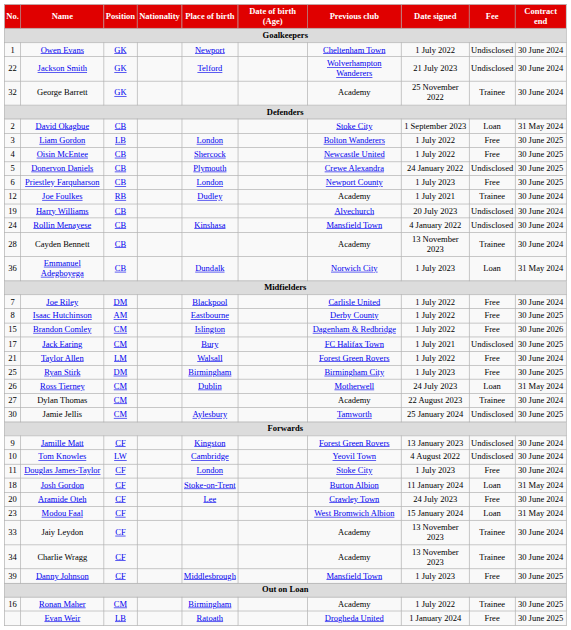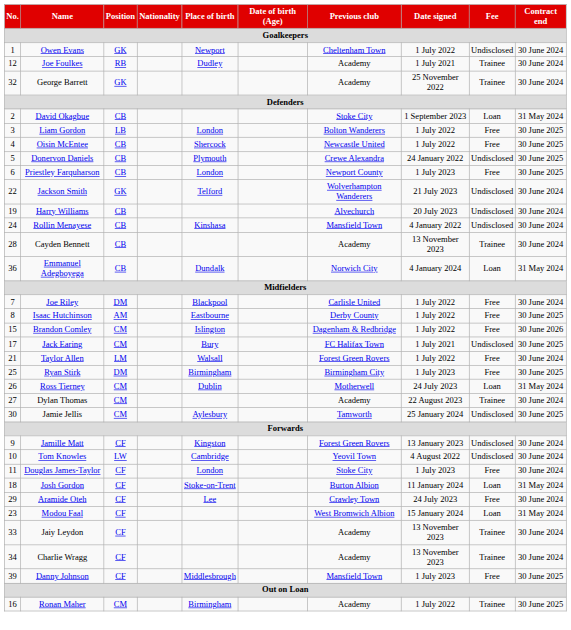 <table class="wikitable" style="text-align:center; font-size:84.5%; width:101%;">
 <tr>
 <th style="background:#E00000;color:white;">No.</th>
 <th style="background:#E00000;color:white;">Name</th>
 <th style="background:#E00000;color:white;">Position</th>
 <th style="background:#E00000;color:white;">Nationality</th>
 <th style="background:#E00000;color:white;">Place of birth</th>
 <th style="background:#E00000;color:white;">Date of birth (Age)</th>
 <th style="background:#E00000;color:white;">Previous club</th>
 <th style="background:#E00000;color:white;">Date signed</th>
 <th style="background:#E00000;color:white;">Fee</th>
 <th style="background:#E00000;color:white;">Contract end</th>
 </tr>
 <tr>
 <th colspan="10" style="background:#dcdcdc; tepxt-align:center;">Goalkeepers</th>
 </tr>
 <tr>
 <td>1</td>
 <td><a href='#'>Owen Evans</a></td>
 <td><a href='#'>GK</a></td>
 <td></td>
 <td><a href='#'>Newport</a></td>
 <td></td>
 <td><a href='#'>Cheltenham Town</a></td>
 <td>1 July 2022</td>
 <td>Undisclosed</td>
 <td>30 June 2024</td>
 </tr>
 <tr>
-<td>22</td>
-<td><a href='#'>Jackson Smith</a></td>
-<td><a href='#'>GK</a></td>
+<td>12</td>
+<td><a href='#'>Joe Foulkes</a></td>
+<td><a href='#'>RB</a></td>
 <td></td>
-<td><a href='#'>Telford</a></td>
+<td><a href='#'>Dudley</a></td>
 <td></td>
-<td><a href='#'>Wolverhampton Wanderers</a></td>
-<td>21 July 2023</td>
-<td>Undisclosed</td>
+<td>Academy</td>
+<td>1 July 2021</td>
+<td>Trainee</td>
 <td>30 June 2024</td>
 </tr>
 <tr>
 <td>32</td>
 <td>George Barrett</td>
 <td><a href='#'>GK</a></td>
 <td></td>
 <td></td>
 <td></td>
 <td>Academy</td>
 <td>25 November 2022</td>
 <td>Trainee</td>
 <td>30 June 2024</td>
 </tr>
 <tr>
 <th colspan="10" style="background:#dcdcdc; tepxt-align:center;">Defenders</th>
 </tr>
 <tr>
 <td>2</td>
 <td><a href='#'>David Okagbue</a></td>
 <td><a href='#'>CB</a></td>
 <td></td>
 <td></td>
 <td></td>
 <td><a href='#'>Stoke City</a></td>
 <td>1 September 2023</td>
 <td>Loan</td>
 <td>31 May 2024</td>
 </tr>
 <tr>
 <td>3</td>
 <td><a href='#'>Liam Gordon</a></td>
 <td><a href='#'>LB</a></td>
 <td></td>
 <td> <a href='#'>London</a></td>
 <td></td>
 <td><a href='#'>Bolton Wanderers</a></td>
 <td>1 July 2022</td>
 <td>Free</td>
 <td>30 June 2025</td>
 </tr>
 <tr>
 <td>4</td>
 <td><a href='#'>Oisin McEntee</a></td>
 <td><a href='#'>CB</a></td>
 <td></td>
 <td><a href='#'>Shercock</a></td>
 <td></td>
 <td><a href='#'>Newcastle United</a></td>
 <td>1 July 2022</td>
 <td>Free</td>
 <td>30 June 2025</td>
 </tr>
 <tr>
 <td>5</td>
 <td><a href='#'>Donervon Daniels</a></td>
 <td><a href='#'>CB</a></td>
 <td></td>
 <td><a href='#'>Plymouth</a></td>
 <td></td>
 <td><a href='#'>Crewe Alexandra</a></td>
 <td>24 January 2022</td>
 <td>Undisclosed</td>
 <td>30 June 2025</td>
 </tr>
 <tr>
 <td>6</td>
 <td><a href='#'>Priestley Farquharson</a></td>
 <td><a href='#'>CB</a></td>
 <td></td>
 <td><a href='#'>London</a></td>
 <td></td>
 <td> <a href='#'>Newport County</a></td>
 <td>1 July 2023</td>
 <td>Free</td>
 <td>30 June 2025</td>
 </tr>
 <tr>
-<td>12</td>
-<td><a href='#'>Joe Foulkes</a></td>
-<td><a href='#'>RB</a></td>
+<td>22</td>
+<td><a href='#'>Jackson Smith</a></td>
+<td><a href='#'>GK</a></td>
 <td></td>
-<td><a href='#'>Dudley</a></td>
+<td><a href='#'>Telford</a></td>
 <td></td>
-<td>Academy</td>
-<td>1 July 2021</td>
-<td>Trainee</td>
+<td><a href='#'>Wolverhampton Wanderers</a></td>
+<td>21 July 2023</td>
+<td>Undisclosed</td>
 <td>30 June 2024</td>
 </tr>
 <tr>
 <td>19</td>
 <td><a href='#'>Harry Williams</a></td>
 <td><a href='#'>CB</a></td>
 <td></td>
 <td></td>
 <td></td>
 <td><a href='#'>Alvechurch</a></td>
 <td>20 July 2023</td>
 <td>Undisclosed</td>
 <td>30 June 2024</td>
 </tr>
 <tr>
 <td>24</td>
 <td><a href='#'>Rollin Menayese</a></td>
 <td><a href='#'>CB</a></td>
 <td></td>
 <td> <a href='#'>Kinshasa</a></td>
 <td></td>
 <td><a href='#'>Mansfield Town</a></td>
 <td>4 January 2022</td>
 <td>Undisclosed</td>
 <td>30 June 2024</td>
 </tr>
 <tr>
 <td>28</td>
 <td>Cayden Bennett</td>
 <td><a href='#'>CB</a></td>
 <td></td>
 <td></td>
 <td></td>
 <td>Academy</td>
 <td>13 November 2023</td>
 <td>Trainee</td>
 <td>30 June 2024</td>
 </tr>
 <tr>
 <td>36</td>
 <td><a href='#'>Emmanuel Adegboyega</a></td>
 <td><a href='#'>CB</a></td>
 <td></td>
 <td><a href='#'>Dundalk</a></td>
 <td></td>
 <td><a href='#'>Norwich City</a></td>
-<td>1 July 2023</td>
+<td>4 January 2024</td>
 <td>Loan</td>
 <td>31 May 2024</td>
 </tr>
 <tr>
 <th colspan="10" style="background:#dcdcdc; tepxt-align:center;">Midfielders</th>
 </tr>
 <tr>
 <td>7</td>
 <td><a href='#'>Joe Riley</a></td>
 <td><a href='#'>DM</a></td>
 <td></td>
 <td><a href='#'>Blackpool</a></td>
 <td></td>
 <td><a href='#'>Carlisle United</a></td>
 <td>1 July 2022</td>
 <td>Free</td>
 <td>30 June 2024</td>
 </tr>
 <tr>
 <td>8</td>
 <td><a href='#'>Isaac Hutchinson</a></td>
 <td><a href='#'>AM</a></td>
 <td></td>
 <td><a href='#'>Eastbourne</a></td>
 <td></td>
 <td><a href='#'>Derby County</a></td>
 <td>1 July 2022</td>
 <td>Free</td>
 <td>30 June 2025</td>
 </tr>
 <tr>
 <td>15</td>
 <td><a href='#'>Brandon Comley</a></td>
 <td><a href='#'>CM</a></td>
 <td></td>
 <td> <a href='#'>Islington</a></td>
 <td></td>
 <td><a href='#'>Dagenham & Redbridge</a></td>
 <td>1 July 2022</td>
 <td>Free</td>
 <td>30 June 2026</td>
 </tr>
 <tr>
 <td>17</td>
 <td><a href='#'>Jack Earing</a></td>
 <td><a href='#'>CM</a></td>
 <td></td>
 <td><a href='#'>Bury</a></td>
 <td></td>
 <td><a href='#'>FC Halifax Town</a></td>
 <td>1 July 2021</td>
 <td>Undisclosed</td>
 <td>30 June 2025</td>
 </tr>
 <tr>
 <td>21</td>
 <td><a href='#'>Taylor Allen</a></td>
 <td><a href='#'>LM</a></td>
 <td></td>
 <td><a href='#'>Walsall</a></td>
 <td></td>
 <td><a href='#'>Forest Green Rovers</a></td>
 <td>1 July 2022</td>
 <td>Free</td>
 <td>30 June 2024</td>
 </tr>
 <tr>
 <td>25</td>
 <td><a href='#'>Ryan Stirk</a></td>
 <td><a href='#'>DM</a></td>
 <td></td>
 <td><a href='#'>Birmingham</a></td>
 <td></td>
 <td><a href='#'>Birmingham City</a></td>
 <td>1 July 2023</td>
 <td>Free</td>
 <td>30 June 2025</td>
 </tr>
 <tr>
 <td>26</td>
 <td><a href='#'>Ross Tierney</a></td>
 <td><a href='#'>CM</a></td>
 <td></td>
 <td><a href='#'>Dublin</a></td>
 <td></td>
 <td> <a href='#'>Motherwell</a></td>
 <td>24 July 2023</td>
 <td>Loan</td>
 <td>31 May 2024</td>
 </tr>
 <tr>
 <td>27</td>
 <td>Dylan Thomas</td>
 <td><a href='#'>CM</a></td>
 <td></td>
 <td></td>
 <td></td>
 <td>Academy</td>
 <td>22 August 2023</td>
 <td>Trainee</td>
 <td>30 June 2024</td>
 </tr>
 <tr>
 <td>30</td>
 <td>Jamie Jellis</td>
 <td><a href='#'>CM</a></td>
 <td></td>
 <td><a href='#'>Aylesbury</a></td>
 <td></td>
 <td><a href='#'>Tamworth</a></td>
 <td>25 January 2024</td>
 <td>Undisclosed</td>
 <td>30 June 2025</td>
 </tr>
 <tr>
 <th colspan="10" style="background:#dcdcdc; tepxt-align:center;">Forwards</th>
 </tr>
 <tr>
 <td>9</td>
 <td><a href='#'>Jamille Matt</a></td>
 <td><a href='#'>CF</a></td>
 <td></td>
 <td><a href='#'>Kingston</a></td>
 <td></td>
 <td><a href='#'>Forest Green Rovers</a></td>
 <td>13 January 2023</td>
 <td>Undisclosed</td>
 <td>30 June 2024</td>
 </tr>
 <tr>
 <td>10</td>
 <td><a href='#'>Tom Knowles</a></td>
 <td><a href='#'>LW</a></td>
 <td></td>
 <td><a href='#'>Cambridge</a></td>
 <td></td>
 <td><a href='#'>Yeovil Town</a></td>
 <td>4 August 2022</td>
 <td>Undisclosed</td>
 <td>30 June 2024</td>
 </tr>
 <tr>
 <td>11</td>
 <td><a href='#'>Douglas James-Taylor</a></td>
 <td><a href='#'>CF</a></td>
 <td></td>
 <td><a href='#'>London</a></td>
 <td></td>
 <td><a href='#'>Stoke City</a></td>
 <td>1 July 2023</td>
 <td>Free</td>
 <td>30 June 2024</td>
 </tr>
 <tr>
 <td>18</td>
 <td><a href='#'>Josh Gordon</a></td>
 <td><a href='#'>CF</a></td>
 <td></td>
 <td><a href='#'>Stoke-on-Trent</a></td>
 <td></td>
 <td><a href='#'>Burton Albion</a></td>
 <td>11 January 2024</td>
 <td>Loan</td>
 <td>31 May 2024</td>
 </tr>
 <tr>
-<td>20</td>
+<td>29</td>
 <td><a href='#'>Aramide Oteh</a></td>
 <td><a href='#'>CF</a></td>
 <td></td>
 <td><a href='#'>Lee</a></td>
 <td></td>
 <td><a href='#'>Crawley Town</a></td>
 <td>24 July 2023</td>
 <td>Free</td>
 <td>30 June 2024</td>
 </tr>
 <tr>
 <td>23</td>
 <td><a href='#'>Modou Faal</a></td>
 <td><a href='#'>CF</a></td>
 <td></td>
 <td></td>
 <td></td>
 <td><a href='#'>West Bromwich Albion</a></td>
 <td>15 January 2024</td>
 <td>Loan</td>
 <td>31 May 2024</td>
 </tr>
 <tr>
 <td>33</td>
 <td>Jaiy Leydon</td>
 <td><a href='#'>CF</a></td>
 <td></td>
 <td></td>
 <td></td>
 <td>Academy</td>
 <td>13 November 2023</td>
 <td>Trainee</td>
 <td>30 June 2024</td>
 </tr>
 <tr>
 <td>34</td>
 <td>Charlie Wragg</td>
 <td><a href='#'>CF</a></td>
 <td></td>
 <td></td>
 <td></td>
 <td>Academy</td>
 <td>13 November 2023</td>
 <td>Trainee</td>
 <td>30 June 2024</td>
 </tr>
 <tr>
 <td>39</td>
 <td><a href='#'>Danny Johnson</a></td>
 <td><a href='#'>CF</a></td>
 <td></td>
 <td><a href='#'>Middlesbrough</a></td>
 <td></td>
 <td><a href='#'>Mansfield Town</a></td>
 <td>1 July 2023</td>
 <td>Free</td>
 <td>30 June 2025</td>
 </tr>
 <tr>
 <th colspan="10" style="background:#dcdcdc; tepxt-align:center;">Out on Loan</th>
 </tr>
 <tr>
 <td>16</td>
 <td><a href='#'>Ronan Maher</a></td>
 <td><a href='#'>CM</a></td>
 <td></td>
 <td> <a href='#'>Birmingham</a></td>
 <td></td>
 <td>Academy</td>
 <td>1 July 2022</td>
 <td>Trainee</td>
 <td>30 June 2025</td>
 </tr>
-<tr>
-<td></td>
-<td><a href='#'>Evan Weir</a></td>
-<td><a href='#'>LB</a></td>
-<td></td>
-<td><a href='#'>Ratoath</a></td>
-<td></td>
-<td> <a href='#'>Drogheda United</a></td>
-<td>1 January 2024</td>
-<td>Free</td>
-<td>30 June 2025</td>
-</tr>
 </table>
